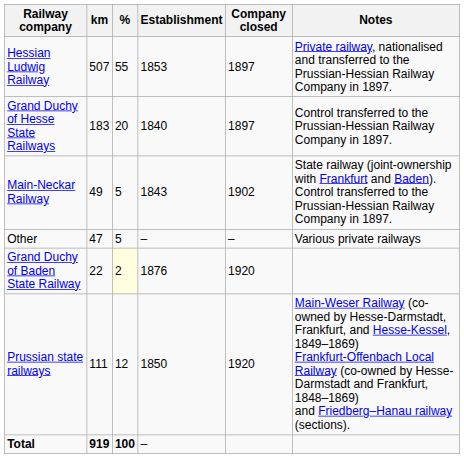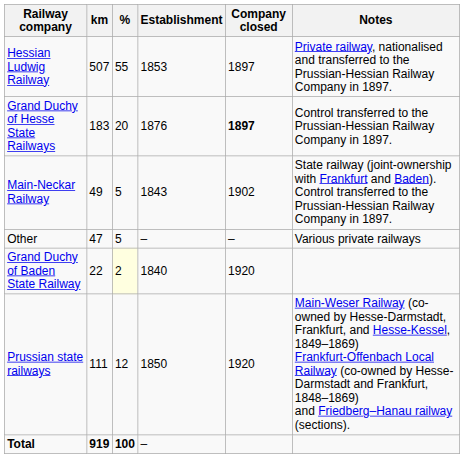 <table class="wikitable sortable">
 <tr class="hintergrundfarbe5">
 <th>Railway company</th>
 <th>km</th>
 <th>%</th>
 <th>Establishment</th>
 <th>Company closed</th>
 <th>Notes</th>
 </tr>
 <tr>
 <td><a href='#'>Hessian Ludwig Railway</a></td>
 <td>507</td>
 <td>55</td>
 <td>1853</td>
 <td>1897</td>
 <td><a href='#'>Private railway</a>, nationalised and transferred to the Prussian-Hessian Railway Company in 1897.</td>
 </tr>
 <tr>
 <td><a href='#'>Grand Duchy of Hesse State Railways</a></td>
 <td>183</td>
 <td>20</td>
-<td>1840</td>
-<td>1897</td>
+<td>1876</td>
+<td><strong>1897</strong></td>
 <td>Control transferred to the Prussian-Hessian Railway Company in 1897.</td>
 </tr>
 <tr>
 <td><a href='#'>Main-Neckar Railway</a></td>
 <td>49</td>
 <td>5</td>
 <td>1843</td>
 <td>1902</td>
 <td>State railway (joint-ownership with <a href='#'>Frankfurt</a> and <a href='#'>Baden</a>). Control transferred to the Prussian-Hessian Railway Company in 1897.</td>
 </tr>
 <tr>
 <td>Other</td>
 <td>47</td>
 <td>5</td>
 <td>–</td>
 <td>–</td>
 <td>Various private railways</td>
 </tr>
 <tr>
 <td><a href='#'>Grand Duchy of Baden State Railway</a></td>
 <td>22</td>
 <td style="background: lightyellow;">2</td>
-<td>1876</td>
+<td>1840</td>
 <td>1920</td>
 <td></td>
 </tr>
 <tr>
 <td><a href='#'>Prussian state railways</a></td>
 <td>111</td>
 <td>12</td>
 <td>1850</td>
 <td>1920</td>
 <td><a href='#'>Main-Weser Railway</a> (co-owned by Hesse-Darmstadt, Frankfurt, and <a href='#'>Hesse-Kessel</a>, 1849–1869)<br><a href='#'>Frankfurt-Offenbach Local Railway</a> (co-owned by Hesse-Darmstadt and Frankfurt, 1848–1869)<br> and <a href='#'>Friedberg–Hanau railway</a> (sections).</td>
 </tr>
 <tr>
 <td><strong>Total</strong></td>
 <td><strong>919</strong></td>
 <td><strong>100</strong></td>
 <td>–</td>
 <td></td>
 </tr>
 </table>
